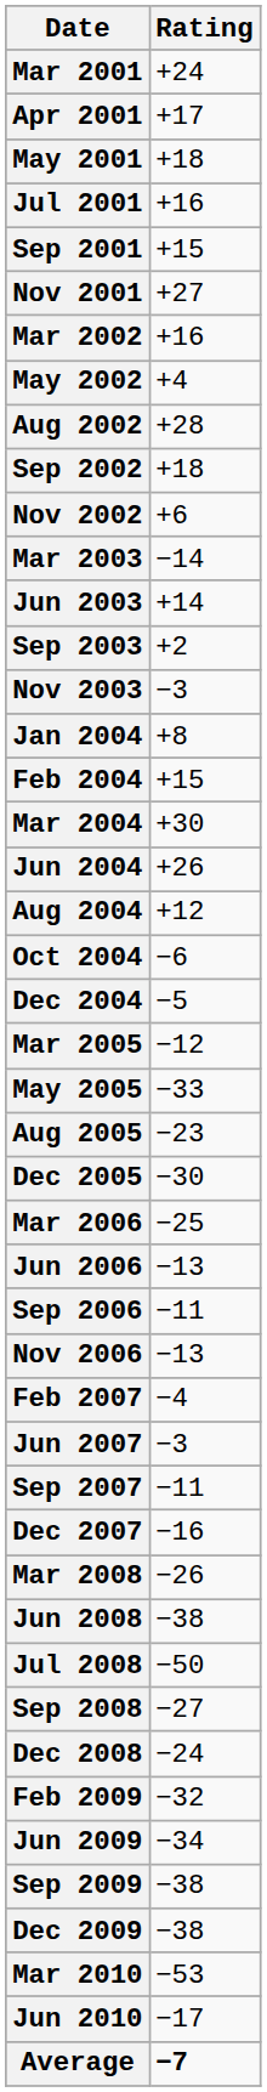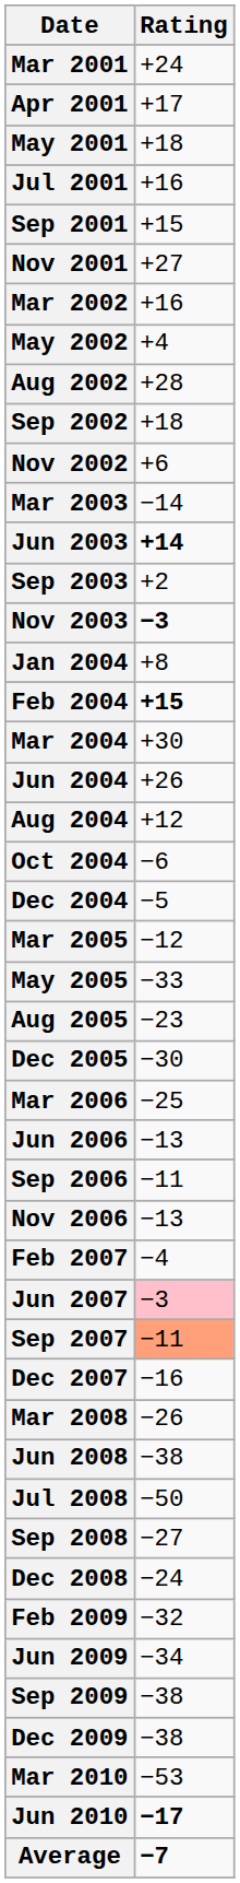 <table class="wikitable sortable plainrowheaders">
 <tr>
 <th scope="col" class="unsortable">Date</th>
 <th scope="col">Rating</th>
 </tr>
 <tr>
 <th scope="row">Mar 2001</th>
 <td>+24</td>
 </tr>
 <tr>
 <th scope="row">Apr 2001</th>
 <td>+17</td>
 </tr>
 <tr>
 <th scope="row">May 2001</th>
 <td>+18</td>
 </tr>
 <tr>
 <th scope="row">Jul 2001</th>
 <td>+16</td>
 </tr>
 <tr>
 <th scope="row">Sep 2001</th>
 <td>+15</td>
 </tr>
 <tr>
 <th scope="row">Nov 2001</th>
 <td>+27</td>
 </tr>
 <tr>
 <th scope="row">Mar 2002</th>
 <td>+16</td>
 </tr>
 <tr>
 <th scope="row">May 2002</th>
 <td>+4</td>
 </tr>
 <tr>
 <th scope="row">Aug 2002</th>
 <td>+28</td>
 </tr>
 <tr>
 <th scope="row">Sep 2002</th>
 <td>+18</td>
 </tr>
 <tr>
 <th scope="row">Nov 2002</th>
 <td>+6</td>
 </tr>
 <tr>
 <th scope="row">Mar 2003</th>
 <td>−14</td>
 </tr>
 <tr>
 <th scope="row">Jun 2003</th>
-<td>+14</td>
+<td><strong>+14</strong></td>
 </tr>
 <tr>
 <th scope="row">Sep 2003</th>
 <td>+2</td>
 </tr>
 <tr>
 <th scope="row">Nov 2003</th>
-<td>−3</td>
+<td><strong>−3</strong></td>
 </tr>
 <tr>
 <th scope="row">Jan 2004</th>
 <td>+8</td>
 </tr>
 <tr>
 <th scope="row">Feb 2004</th>
-<td>+15</td>
+<td><strong>+15</strong></td>
 </tr>
 <tr>
 <th scope="row">Mar 2004</th>
 <td>+30</td>
 </tr>
 <tr>
 <th scope="row">Jun 2004</th>
 <td>+26</td>
 </tr>
 <tr>
 <th scope="row">Aug 2004</th>
 <td>+12</td>
 </tr>
 <tr>
 <th scope="row">Oct 2004</th>
 <td>−6</td>
 </tr>
 <tr>
 <th scope="row">Dec 2004</th>
 <td>−5</td>
 </tr>
 <tr>
 <th scope="row">Mar 2005</th>
 <td>−12</td>
 </tr>
 <tr>
 <th scope="row">May 2005</th>
 <td>−33</td>
 </tr>
 <tr>
 <th scope="row">Aug 2005</th>
 <td>−23</td>
 </tr>
 <tr>
 <th scope="row">Dec 2005</th>
 <td>−30</td>
 </tr>
 <tr>
 <th scope="row">Mar 2006</th>
 <td>−25</td>
 </tr>
 <tr>
 <th scope="row">Jun 2006</th>
 <td>−13</td>
 </tr>
 <tr>
 <th scope="row">Sep 2006</th>
 <td>−11</td>
 </tr>
 <tr>
 <th scope="row">Nov 2006</th>
 <td>−13</td>
 </tr>
 <tr>
 <th scope="row">Feb 2007</th>
 <td>−4</td>
 </tr>
 <tr>
 <th scope="row">Jun 2007</th>
-<td>−3</td>
+<td style="background: pink;">−3</td>
 </tr>
 <tr>
 <th scope="row">Sep 2007</th>
-<td>−11</td>
+<td style="background: lightsalmon;">−11</td>
 </tr>
 <tr>
 <th scope="row">Dec 2007</th>
 <td>−16</td>
 </tr>
 <tr>
 <th scope="row">Mar 2008</th>
 <td>−26</td>
 </tr>
 <tr>
 <th scope="row">Jun 2008</th>
 <td>−38</td>
 </tr>
 <tr>
 <th scope="row">Jul 2008</th>
 <td>−50</td>
 </tr>
 <tr>
 <th scope="row">Sep 2008</th>
 <td>−27</td>
 </tr>
 <tr>
 <th scope="row">Dec 2008</th>
 <td>−24</td>
 </tr>
 <tr>
 <th scope="row">Feb 2009</th>
 <td>−32</td>
 </tr>
 <tr>
 <th scope="row">Jun 2009</th>
 <td>−34</td>
 </tr>
 <tr>
 <th scope="row">Sep 2009</th>
 <td>−38</td>
 </tr>
 <tr>
 <th scope="row">Dec 2009</th>
 <td>−38</td>
 </tr>
 <tr>
 <th scope="row">Mar 2010</th>
 <td>−53</td>
 </tr>
 <tr>
 <th scope="row">Jun 2010</th>
-<td>−17</td>
+<td><strong>−17</strong></td>
 </tr>
 <tr class="sortbottom">
 <th scope="row"><strong>Average</strong></th>
 <td><strong>−7</strong></td>
 </tr>
 </table>
